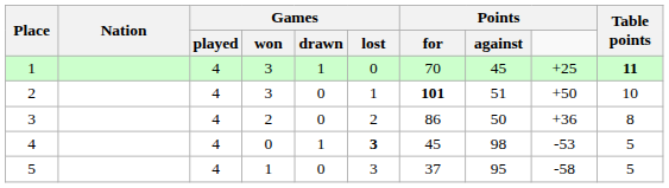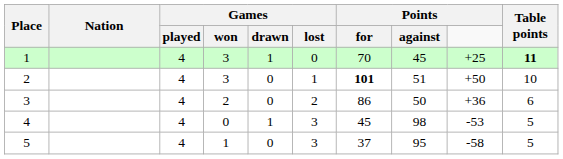 <table class="wikitable">
 <tr>
 <th rowspan=2 width="8%">Place</th>
 <th rowspan=2 width="20%">Nation</th>
 <th colspan=4 width="32%">Games</th>
 <th colspan=3 width="30%">Points</th>
 <th rowspan=2 width="10%">Table<br>points</th>
 </tr>
 <tr>
 <th width="8%">played</th>
 <th width="8%">won</th>
 <th width="8%">drawn</th>
 <th width="8%">lost</th>
 <th width="10%">for</th>
 <th width="10%">against</th>
 </tr>
 <tr bgcolor=#ccffcc align=center>
 <td>1</td>
 <td align=left><strong></strong></td>
 <td>4</td>
 <td>3</td>
 <td>1</td>
 <td>0</td>
 <td>70</td>
 <td>45</td>
 <td>+25</td>
 <td><strong>11</strong></td>
 </tr>
 <tr bgcolor=#ffffff align=center>
 <td>2</td>
 <td align=left></td>
 <td>4</td>
 <td>3</td>
 <td>0</td>
 <td>1</td>
 <td><strong>101</strong></td>
 <td>51</td>
 <td>+50</td>
 <td>10</td>
 </tr>
 <tr bgcolor=#ffffff align=center>
 <td>3</td>
 <td align=left></td>
 <td>4</td>
 <td>2</td>
 <td>0</td>
 <td>2</td>
 <td>86</td>
 <td>50</td>
 <td>+36</td>
-<td>8</td>
+<td>6</td>
 </tr>
 <tr bgcolor=#ffffff align=center>
 <td>4</td>
 <td align=left></td>
 <td>4</td>
 <td>0</td>
 <td>1</td>
-<td><strong>3</strong></td>
+<td>3</td>
 <td>45</td>
 <td>98</td>
 <td>-53</td>
 <td>5</td>
 </tr>
 <tr bgcolor=#ffffff align=center>
 <td>5</td>
 <td align=left></td>
 <td>4</td>
 <td>1</td>
 <td>0</td>
 <td>3</td>
 <td>37</td>
 <td>95</td>
 <td>-58</td>
 <td>5</td>
 </tr>
 </table>
